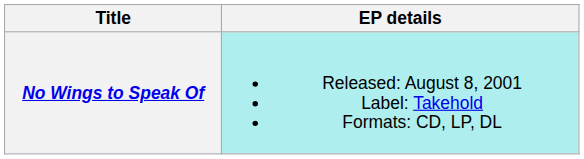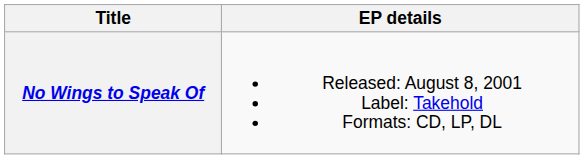 <table class="wikitable plainrowheaders" style="text-align:center;">
 <tr>
 <th scope="col" style="width:12em;">Title</th>
 <th scope="col" style="width:20em;">EP details</th>
 </tr>
 <tr>
 <th scope="row"><em><a href='#'>No Wings to Speak Of</a></em></th>
-<td style="background: paleturquoise;"><br><ul><li>Released: August 8, 2001</li><li>Label: <a href='#'>Takehold</a></li><li>Formats: CD, LP, DL</li></ul></td>
+<td><br><ul><li>Released: August 8, 2001</li><li>Label: <a href='#'>Takehold</a></li><li>Formats: CD, LP, DL</li></ul></td>
 </tr>
 </table>
